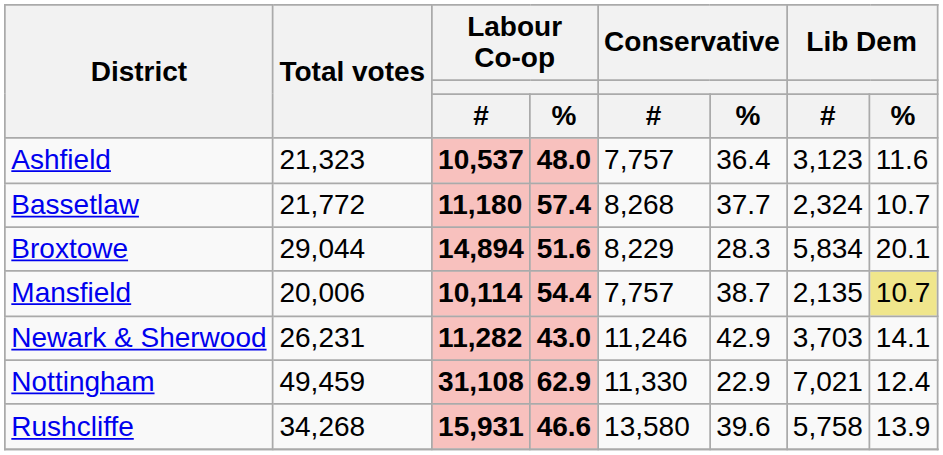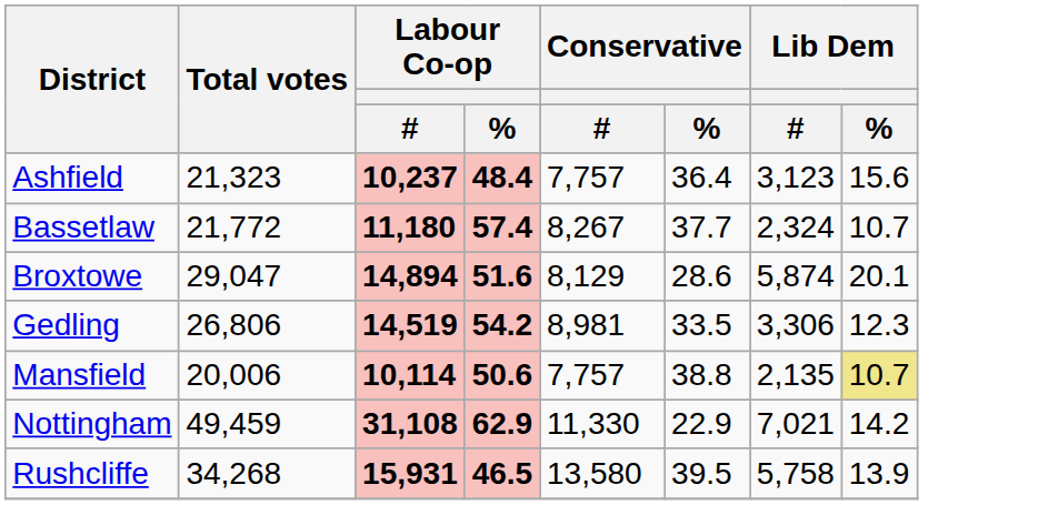 <table class="wikitable sortable">
 <tr>
 <th rowspan=3>District</th>
 <th rowspan=3>Total votes</th>
 <th colspan="2">Labour<br>Co-op</th>
 <th colspan="2">Conservative</th>
 <th colspan="2">Lib Dem</th>
 </tr>
 <tr>
 <th colspan="2" style="background:"></th>
 <th colspan="2" style="background:"></th>
 <th colspan="2" style="background:"></th>
 </tr>
 <tr>
 <th>#</th>
 <th>%</th>
 <th>#</th>
 <th>%</th>
 <th>#</th>
 <th>%</th>
 </tr>
 <tr>
 <td><a href='#'>Ashfield</a></td>
 <td>21,323</td>
-<td style="background:#F8C1BE;"><strong>10,537</strong></td>
-<td style="background:#F8C1BE;"><strong>48.0</strong></td>
+<td style="background:#F8C1BE;"><strong>10,237</strong></td>
+<td style="background:#F8C1BE;"><strong>48.4</strong></td>
 <td>7,757</td>
 <td>36.4</td>
 <td>3,123</td>
-<td>11.6</td>
+<td>15.6</td>
 </tr>
 <tr>
 <td><a href='#'>Bassetlaw</a></td>
 <td>21,772</td>
 <td style="background:#F8C1BE;"><strong>11,180</strong></td>
 <td style="background:#F8C1BE;"><strong>57.4</strong></td>
-<td>8,268</td>
+<td>8,267</td>
 <td>37.7</td>
 <td>2,324</td>
 <td>10.7</td>
 </tr>
 <tr>
 <td><a href='#'>Broxtowe</a></td>
-<td>29,044</td>
+<td>29,047</td>
 <td style="background:#F8C1BE;"><strong>14,894</strong></td>
 <td style="background:#F8C1BE;"><strong>51.6</strong></td>
-<td>8,229</td>
-<td>28.3</td>
-<td>5,834</td>
+<td>8,129</td>
+<td>28.6</td>
+<td>5,874</td>
 <td>20.1</td>
+</tr>
+<tr>
+<td><a href='#'>Gedling</a></td>
+<td>26,806</td>
+<td style="background:#F8C1BE;"><strong>14,519</strong></td>
+<td style="background:#F8C1BE;"><strong>54.2</strong></td>
+<td>8,981</td>
+<td>33.5</td>
+<td>3,306</td>
+<td>12.3</td>
 </tr>
 <tr>
 <td><a href='#'>Mansfield</a></td>
 <td>20,006</td>
 <td style="background:#F8C1BE;"><strong>10,114</strong></td>
-<td style="background:#F8C1BE;"><strong>54.4</strong></td>
+<td style="background:#F8C1BE;"><strong>50.6</strong></td>
 <td>7,757</td>
-<td>38.7</td>
+<td>38.8</td>
 <td>2,135</td>
 <td style="background: khaki;">10.7</td>
-</tr>
-<tr>
-<td><a href='#'>Newark & Sherwood</a></td>
-<td>26,231</td>
-<td style="background:#F8C1BE;"><strong>11,282</strong></td>
-<td style="background:#F8C1BE;"><strong>43.0</strong></td>
-<td>11,246</td>
-<td>42.9</td>
-<td>3,703</td>
-<td>14.1</td>
 </tr>
 <tr>
 <td><a href='#'>Nottingham</a></td>
 <td>49,459</td>
 <td style="background:#F8C1BE;"><strong>31,108</strong></td>
 <td style="background:#F8C1BE;"><strong>62.9</strong></td>
 <td>11,330</td>
 <td>22.9</td>
 <td>7,021</td>
-<td>12.4</td>
+<td>14.2</td>
 </tr>
 <tr>
 <td><a href='#'>Rushcliffe</a></td>
 <td>34,268</td>
 <td style="background:#F8C1BE;"><strong>15,931</strong></td>
-<td style="background:#F8C1BE;"><strong>46.6</strong></td>
+<td style="background:#F8C1BE;"><strong>46.5</strong></td>
 <td>13,580</td>
-<td>39.6</td>
+<td>39.5</td>
 <td>5,758</td>
 <td>13.9</td>
 </tr>
 <tr>
 </tr>
 </table>
